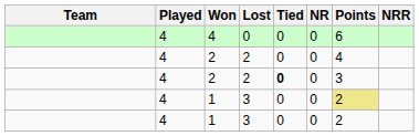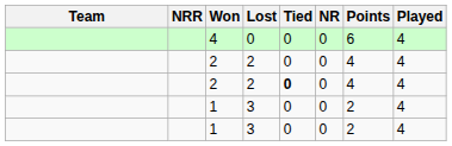 <table class="wikitable">
 <tr>
 <th width=175>Team</th>
-<th>Played</th>
+<th>NRR</th>
 <th>Won</th>
 <th>Lost</th>
 <th>Tied</th>
 <th>NR</th>
 <th>Points</th>
-<th>NRR</th>
+<th>Played</th>
 </tr>
 <tr style="background:#ccffcc">
 <td></td>
-<td>4</td>
+<td></td>
 <td>4</td>
 <td>0</td>
 <td>0</td>
 <td>0</td>
 <td>6</td>
-<td></td>
+<td>4</td>
 </tr>
 <tr>
 <td></td>
-<td>4</td>
+<td></td>
 <td>2</td>
 <td>2</td>
 <td>0</td>
 <td>0</td>
 <td>4</td>
-<td></td>
+<td>4</td>
 </tr>
 <tr>
 <td></td>
-<td>4</td>
+<td></td>
 <td>2</td>
 <td>2</td>
 <td><strong>0</strong></td>
 <td>0</td>
-<td>3</td>
-<td></td>
+<td>4</td>
+<td>4</td>
 </tr>
 <tr>
 <td></td>
-<td>4</td>
-<td>1</td>
-<td>3</td>
-<td>0</td>
-<td>0</td>
-<td style="background: khaki;">2</td>
 <td></td>
-</tr>
-<tr>
-<td></td>
-<td>4</td>
 <td>1</td>
 <td>3</td>
 <td>0</td>
 <td>0</td>
 <td>2</td>
+<td>4</td>
+</tr>
+<tr>
 <td></td>
+<td></td>
+<td>1</td>
+<td>3</td>
+<td>0</td>
+<td>0</td>
+<td>2</td>
+<td>4</td>
 </tr>
 </table>
